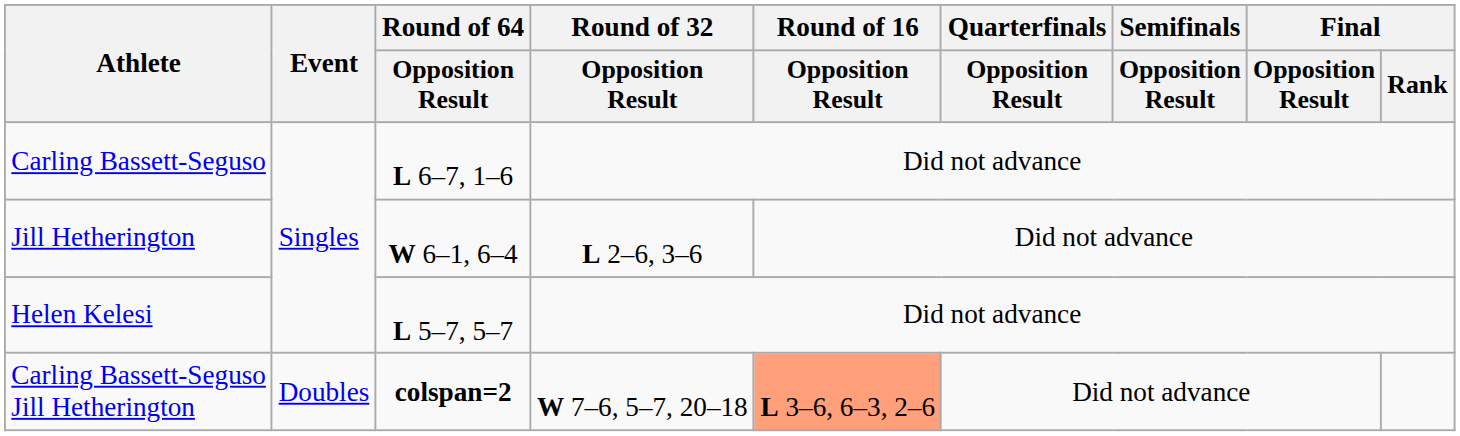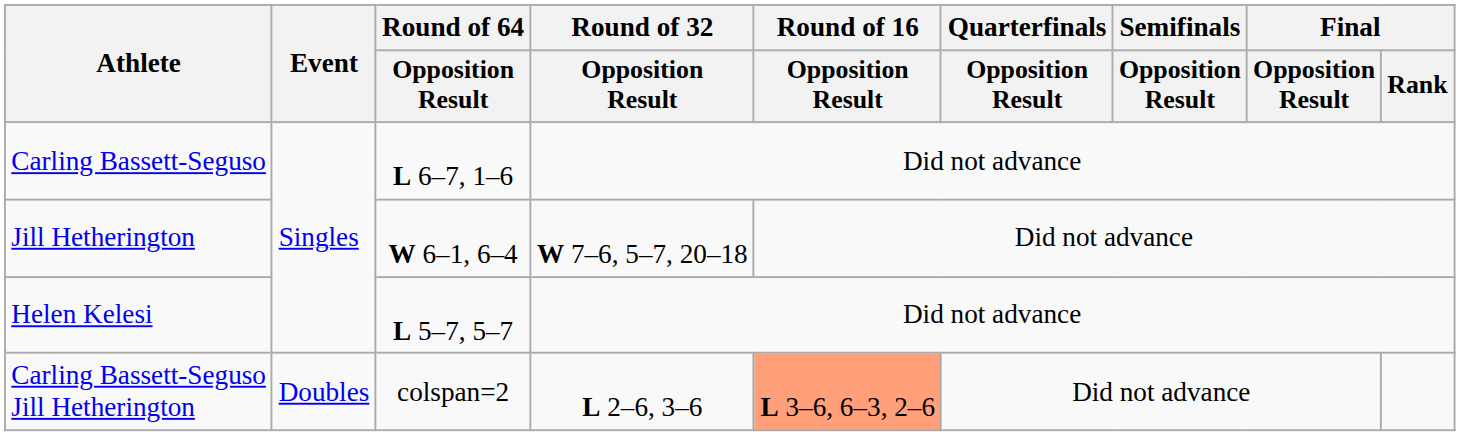 <table class="wikitable" style="font-size:90%">
 <tr>
 <th rowspan="2">Athlete</th>
 <th rowspan="2">Event</th>
 <th>Round of 64</th>
 <th>Round of 32</th>
 <th>Round of 16</th>
 <th>Quarterfinals</th>
 <th>Semifinals</th>
 <th colspan=2>Final</th>
 </tr>
 <tr style="font-size:95%">
 <th>Opposition<br>Result</th>
 <th>Opposition<br>Result</th>
 <th>Opposition<br>Result</th>
 <th>Opposition<br>Result</th>
 <th>Opposition<br>Result</th>
 <th>Opposition<br>Result</th>
 <th>Rank</th>
 </tr>
 <tr align=center>
 <td align=left><a href='#'>Carling Bassett-Seguso</a></td>
 <td align=left rowspan=3><a href='#'>Singles</a></td>
 <td><br><strong>L</strong> 6–7, 1–6</td>
 <td colspan=6>Did not advance</td>
 </tr>
 <tr align=center>
 <td align=left><a href='#'>Jill Hetherington</a></td>
 <td><br><strong>W</strong> 6–1, 6–4</td>
-<td><br><strong>L</strong> 2–6, 3–6</td>
+<td><br><strong>W</strong> 7–6, 5–7, 20–18</td>
 <td colspan=5>Did not advance</td>
 </tr>
 <tr align=center>
 <td align=left><a href='#'>Helen Kelesi</a></td>
 <td><br><strong>L</strong> 5–7, 5–7</td>
 <td colspan=6>Did not advance</td>
 </tr>
 <tr align=center>
 <td align=left><a href='#'>Carling Bassett-Seguso</a><br><a href='#'>Jill Hetherington</a></td>
 <td align=left><a href='#'>Doubles</a></td>
-<td><strong>colspan=2</strong></td>
-<td><br><strong>W</strong> 7–6, 5–7, 20–18</td>
+<td>colspan=2</td>
+<td><br><strong>L</strong> 2–6, 3–6</td>
 <td style="background: lightsalmon;"><br><strong>L</strong> 3–6, 6–3, 2–6</td>
 <td colspan=3>Did not advance</td>
 </tr>
 </table>
